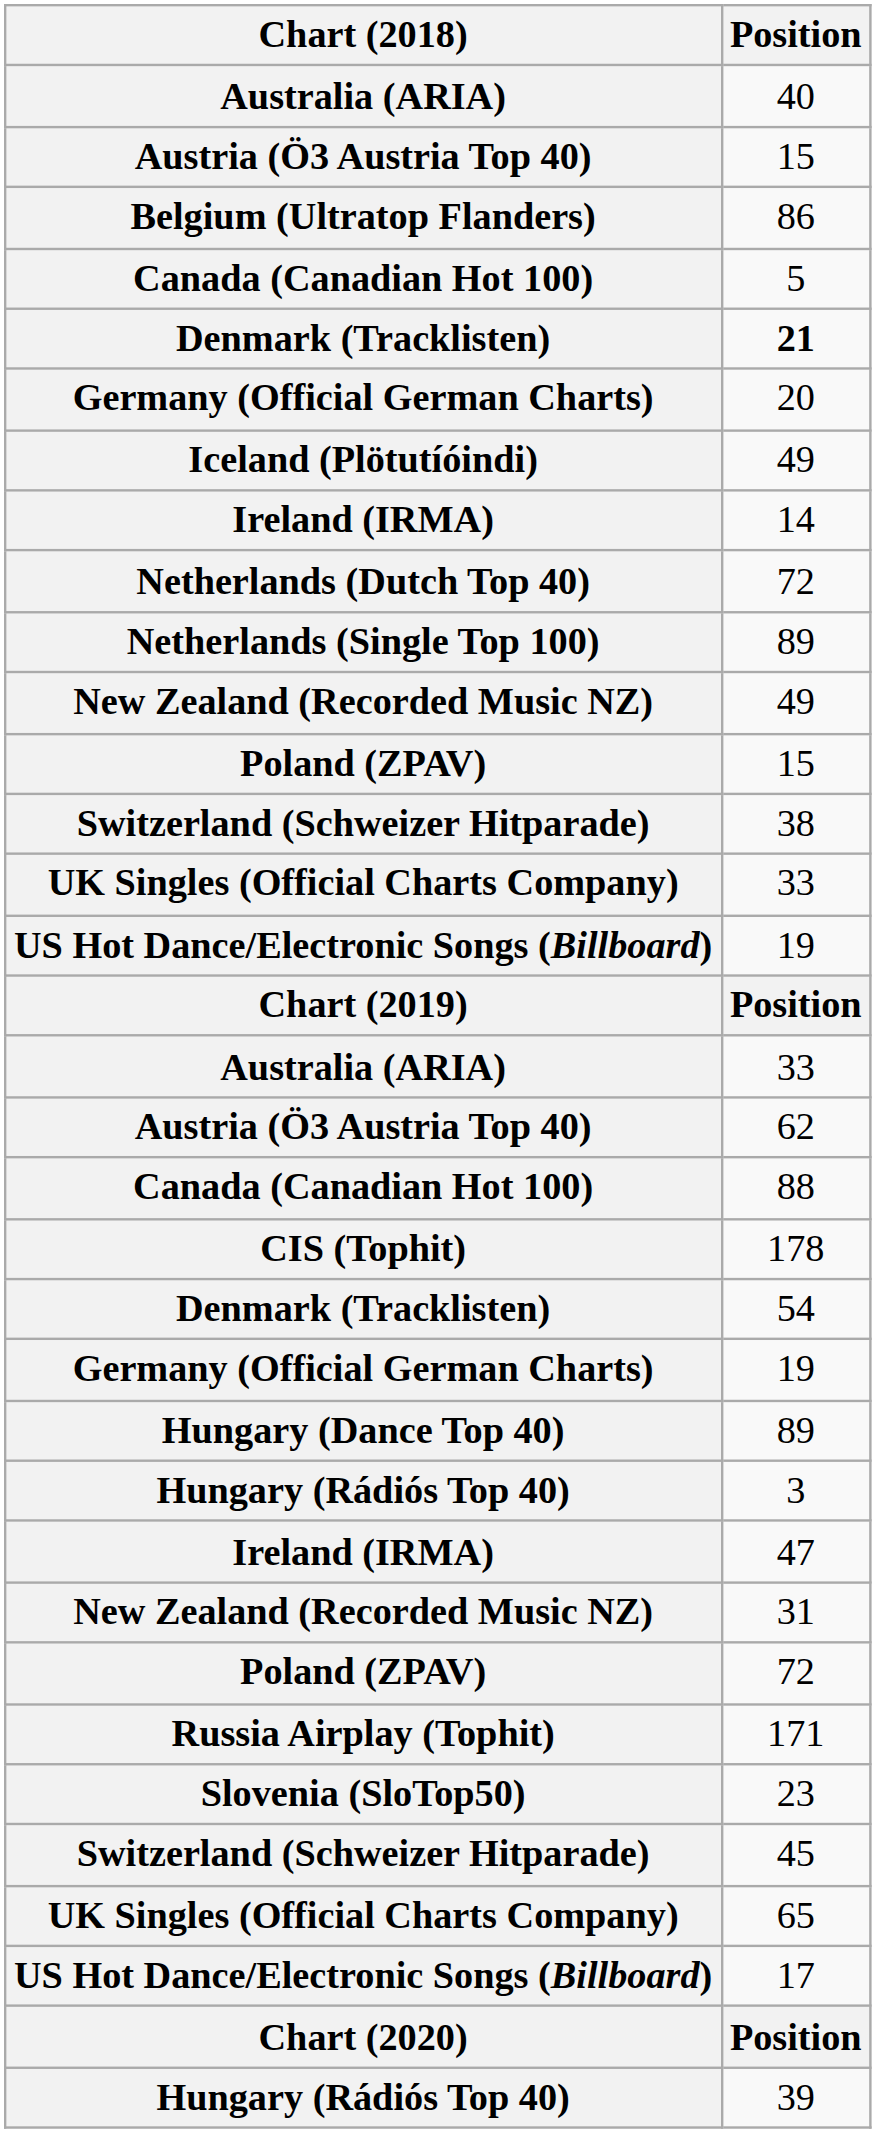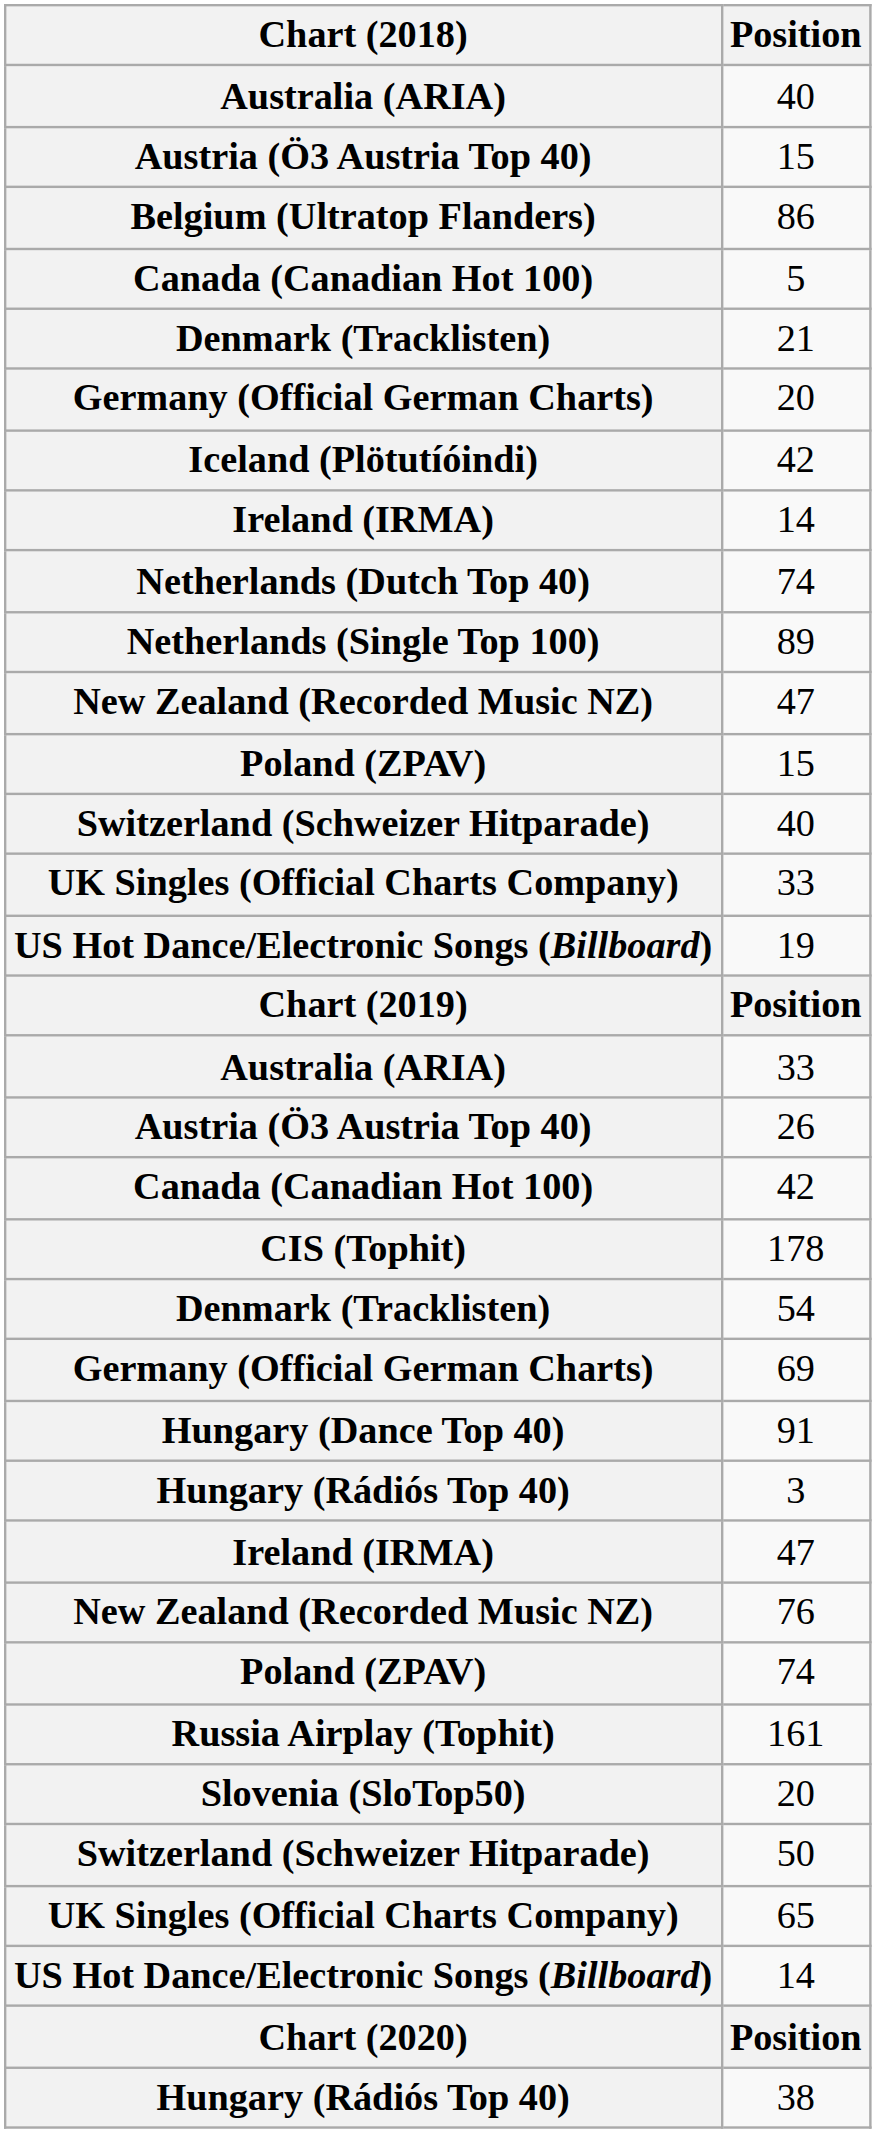 <table class="wikitable sortable plainrowheaders" style="text-align:center">
 <tr>
 <th scope="col">Chart (2018)</th>
 <th scope="col">Position</th>
 </tr>
 <tr>
 <th scope="row">Australia (ARIA)</th>
 <td>40</td>
 </tr>
 <tr>
 <th scope="row">Austria (Ö3 Austria Top 40)</th>
 <td>15</td>
 </tr>
 <tr>
 <th scope="row">Belgium (Ultratop Flanders)</th>
 <td>86</td>
 </tr>
 <tr>
 <th scope="row">Canada (Canadian Hot 100)</th>
 <td>5</td>
 </tr>
 <tr>
 <th scope="row">Denmark (Tracklisten)</th>
-<td><strong>21</strong></td>
+<td>21</td>
 </tr>
 <tr>
 <th scope="row">Germany (Official German Charts)</th>
 <td>20</td>
 </tr>
 <tr>
 <th scope="row">Iceland (Plötutíóindi)</th>
-<td>49</td>
+<td>42</td>
 </tr>
 <tr>
 <th scope="row">Ireland (IRMA)</th>
 <td>14</td>
 </tr>
 <tr>
 <th scope="row">Netherlands (Dutch Top 40)</th>
-<td>72</td>
+<td>74</td>
 </tr>
 <tr>
 <th scope="row">Netherlands (Single Top 100)</th>
 <td>89</td>
 </tr>
 <tr>
 <th scope="row">New Zealand (Recorded Music NZ)</th>
-<td>49</td>
+<td>47</td>
 </tr>
 <tr>
 <th scope="row">Poland (ZPAV)</th>
 <td>15</td>
 </tr>
 <tr>
 <th scope="row">Switzerland (Schweizer Hitparade)</th>
-<td>38</td>
+<td>40</td>
 </tr>
 <tr>
 <th scope="row">UK Singles (Official Charts Company)</th>
 <td>33</td>
 </tr>
 <tr>
 <th scope="row">US Hot Dance/Electronic Songs (<em>Billboard</em>)</th>
 <td>19</td>
 </tr>
 <tr>
 <th scope="col">Chart (2019)</th>
 <th scope="col">Position</th>
 </tr>
 <tr>
 <th scope="row">Australia (ARIA)</th>
 <td>33</td>
 </tr>
 <tr>
 <th scope="row">Austria (Ö3 Austria Top 40)</th>
-<td>62</td>
+<td>26</td>
 </tr>
 <tr>
 <th scope="row">Canada (Canadian Hot 100)</th>
-<td>88</td>
+<td>42</td>
 </tr>
 <tr>
 <th scope="row">CIS (Tophit)</th>
 <td>178</td>
 </tr>
 <tr>
 <th scope="row">Denmark (Tracklisten)</th>
 <td>54</td>
 </tr>
 <tr>
 <th scope="row">Germany (Official German Charts)</th>
-<td>19</td>
+<td>69</td>
 </tr>
 <tr>
 <th scope="row">Hungary (Dance Top 40)</th>
-<td>89</td>
+<td>91</td>
 </tr>
 <tr>
 <th scope="row">Hungary (Rádiós Top 40)</th>
 <td>3</td>
 </tr>
 <tr>
 <th scope="row">Ireland (IRMA)</th>
 <td>47</td>
 </tr>
 <tr>
 <th scope="row">New Zealand (Recorded Music NZ)</th>
-<td>31</td>
+<td>76</td>
 </tr>
 <tr>
 <th scope="row">Poland (ZPAV)</th>
-<td>72</td>
+<td>74</td>
 </tr>
 <tr>
 <th scope="row">Russia Airplay (Tophit)</th>
-<td>171</td>
+<td>161</td>
 </tr>
 <tr>
 <th scope="row">Slovenia (SloTop50)</th>
-<td>23</td>
+<td>20</td>
 </tr>
 <tr>
 <th scope="row">Switzerland (Schweizer Hitparade)</th>
-<td>45</td>
+<td>50</td>
 </tr>
 <tr>
 <th scope="row">UK Singles (Official Charts Company)</th>
 <td>65</td>
 </tr>
 <tr>
 <th scope="row">US Hot Dance/Electronic Songs (<em>Billboard</em>)</th>
-<td>17</td>
+<td>14</td>
 </tr>
 <tr>
 <th scope="col">Chart (2020)</th>
 <th scope="col">Position</th>
 </tr>
 <tr>
 <th scope="row">Hungary (Rádiós Top 40)</th>
-<td>39</td>
+<td>38</td>
 </tr>
 </table>
